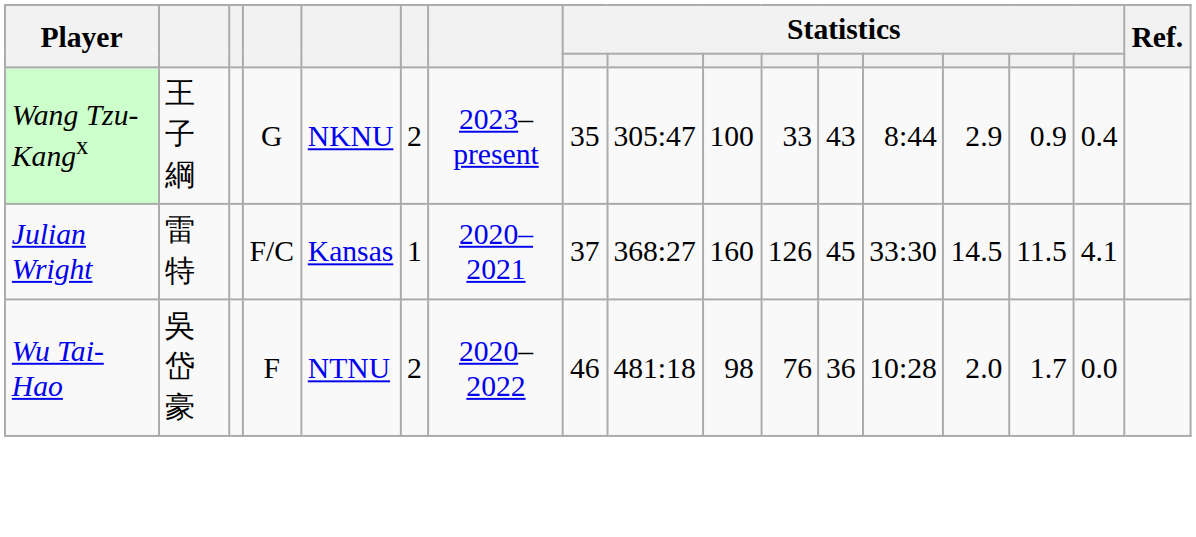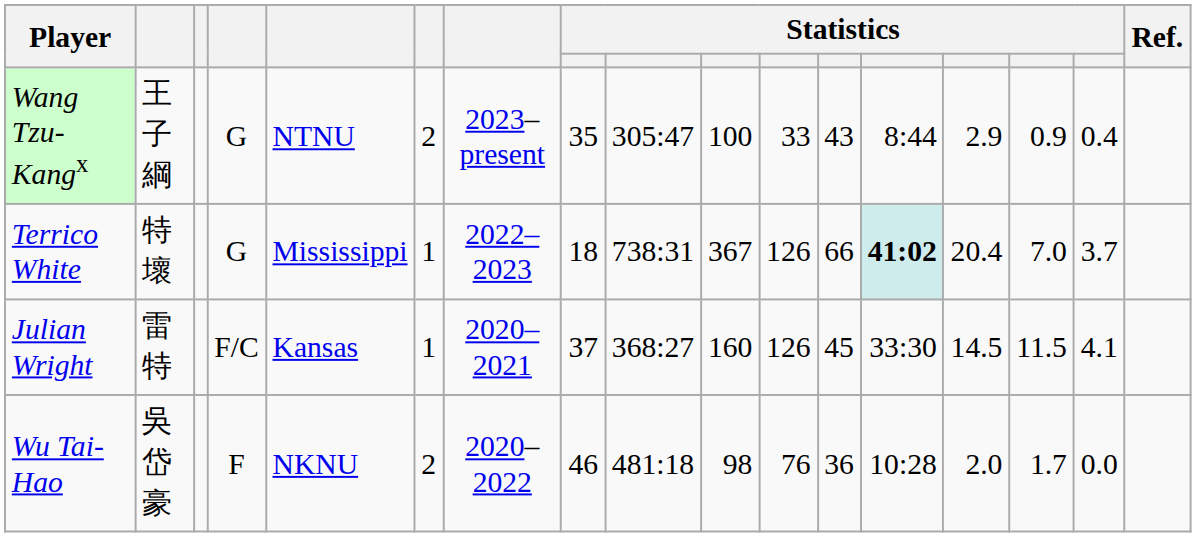 <table class="wikitable sortable" style="font-size:95%; text-align:right;">
 <tr>
 <th rowspan="2">Player</th>
 <th rowspan="2"></th>
 <th rowspan="2"></th>
 <th rowspan="2"></th>
 <th rowspan="2"></th>
 <th rowspan="2"></th>
 <th rowspan="2"></th>
 <th colspan="9">Statistics</th>
 <th rowspan="2">Ref.</th>
 </tr>
 <tr>
 <th></th>
 <th></th>
 <th></th>
 <th></th>
 <th></th>
 <th></th>
 <th></th>
 <th></th>
 <th></th>
 </tr>
 <tr>
 <td align="left" bgcolor="#CCFFCC"><em>Wang Tzu-Kang</em><sup>x</sup></td>
 <td align="left">王子綱</td>
 <td align="center"></td>
 <td align="center">G</td>
-<td align="left"><a href='#'>NKNU</a></td>
+<td align="left"><a href='#'>NTNU</a></td>
 <td align="center">2</td>
 <td align="center"><a href='#'>2023</a>–<a href='#'>present</a></td>
 <td>35</td>
 <td>305:47</td>
 <td>100</td>
 <td>33</td>
 <td>43</td>
 <td>8:44</td>
 <td>2.9</td>
 <td>0.9</td>
 <td>0.4</td>
+<td align="center"></td>
+</tr>
+<tr>
+<td align="left"><em><a href='#'>Terrico White</a></em></td>
+<td align="left">特壞</td>
+<td align="center"></td>
+<td align="center">G</td>
+<td align="left"><a href='#'>Mississippi</a></td>
+<td align="center">1</td>
+<td align="center"><a href='#'>2022–2023</a></td>
+<td>18</td>
+<td>738:31</td>
+<td>367</td>
+<td>126</td>
+<td>66</td>
+<td bgcolor="#CFECEC"><strong>41:02</strong></td>
+<td>20.4</td>
+<td>7.0</td>
+<td>3.7</td>
 <td align="center"></td>
 </tr>
 <tr>
 <td align="left"><em><a href='#'>Julian Wright</a></em></td>
 <td align="left">雷特</td>
 <td align="center"></td>
 <td align="center">F/C</td>
 <td align="left"><a href='#'>Kansas</a></td>
 <td align="center">1</td>
 <td align="center"><a href='#'>2020–2021</a></td>
 <td>37</td>
 <td>368:27</td>
 <td>160</td>
 <td>126</td>
 <td>45</td>
 <td>33:30</td>
 <td>14.5</td>
 <td>11.5</td>
 <td>4.1</td>
 <td align="center"></td>
 </tr>
 <tr>
 <td align="left"><em><a href='#'>Wu Tai-Hao</a></em></td>
 <td align="left">吳岱豪</td>
 <td align="center"></td>
 <td align="center">F</td>
-<td align="left"><a href='#'>NTNU</a></td>
+<td align="left"><a href='#'>NKNU</a></td>
 <td align="center">2</td>
 <td align="center"><a href='#'>2020</a>–<a href='#'>2022</a></td>
 <td>46</td>
 <td>481:18</td>
 <td>98</td>
 <td>76</td>
 <td>36</td>
 <td>10:28</td>
 <td>2.0</td>
 <td>1.7</td>
 <td>0.0</td>
 <td align="center"></td>
 </tr>
 </table>
